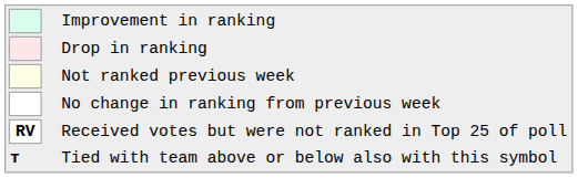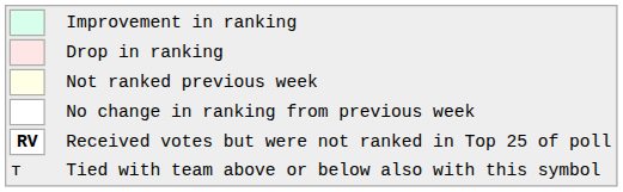 <table style="font-size:90%; border:1px solid #aaa; white-space:nowrap; background:#eee;">
 <tr>
 <td style="background:#d8ffeb; width:20px; border:1px solid #aaa;"> </td>
 <td rowspan=6> </td>
 <td>Improvement in ranking</td>
 </tr>
 <tr>
 <td style="background:#ffe6e6; width:20px; border:1px solid #aaa;"> </td>
 <td>Drop in ranking</td>
 </tr>
 <tr>
 <td style="background:#ffffe6; width:20px; border:1px solid #aaa;"> </td>
 <td>Not ranked previous week</td>
 </tr>
 <tr>
 <td style="background:#fff; width:20px; border:1px solid #aaa;"> </td>
 <td>No change in ranking from previous week</td>
 </tr>
 <tr>
 <td style="text-align:center; width:20px; border:1px solid #aaa; background:white;"><strong>RV</strong></td>
 <td>Received votes but were not ranked in Top 25 of poll</td>
 </tr>
 <tr>
-<td><strong>т</strong></td>
+<td>т</td>
 <td>Tied with team above or below also with this symbol</td>
 </tr>
 </table>
